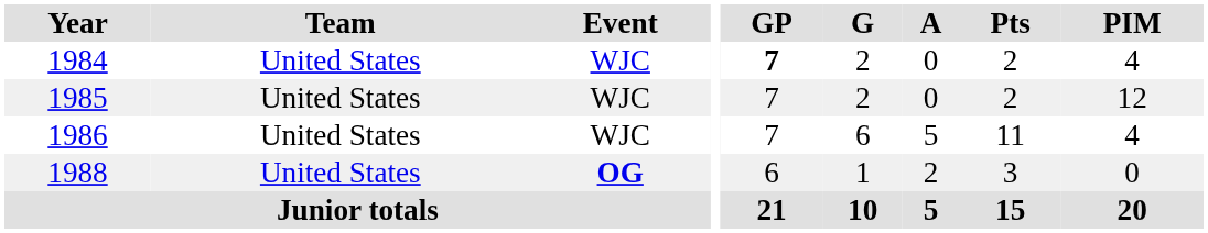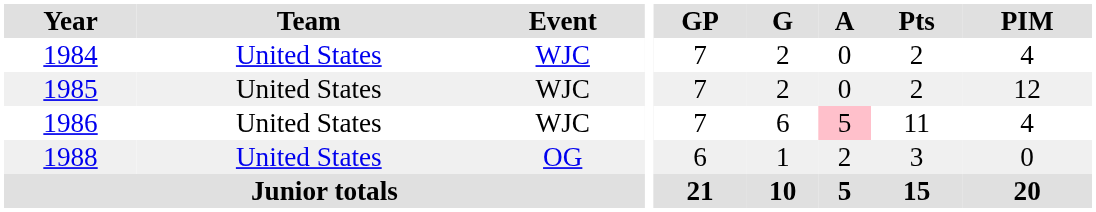 <table border="0" cellpadding="1" cellspacing="0" style="text-align:center; width:40em">
 <tr bgcolor="#e0e0e0">
 <th>Year</th>
 <th>Team</th>
 <th>Event</th>
 <th rowspan="99" bgcolor="#ffffff"></th>
 <th>GP</th>
 <th>G</th>
 <th>A</th>
 <th>Pts</th>
 <th>PIM</th>
 </tr>
 <tr>
 <td><a href='#'>1984</a></td>
 <td><a href='#'>United States</a></td>
 <td><a href='#'>WJC</a></td>
-<td><strong>7</strong></td>
+<td>7</td>
 <td>2</td>
 <td>0</td>
 <td>2</td>
 <td>4</td>
 </tr>
 <tr style="background:#f0f0f0;">
 <td><a href='#'>1985</a></td>
 <td eam>United States</td>
 <td>WJC</td>
 <td>7</td>
 <td>2</td>
 <td>0</td>
 <td>2</td>
 <td>12</td>
 </tr>
 <tr>
 <td><a href='#'>1986</a></td>
 <td>United States</td>
 <td>WJC</td>
 <td>7</td>
 <td>6</td>
-<td>5</td>
+<td style="background: pink;">5</td>
 <td>11</td>
 <td>4</td>
 </tr>
 <tr style="background:#f0f0f0;">
 <td><a href='#'>1988</a></td>
 <td><a href='#'>United States</a></td>
-<td><strong><a href='#'>OG</a></strong></td>
+<td><a href='#'>OG</a></td>
 <td>6</td>
 <td>1</td>
 <td>2</td>
 <td>3</td>
 <td>0</td>
 </tr>
 <tr bgcolor="#e0e0e0">
 <th colspan="3">Junior totals</th>
 <th>21</th>
 <th>10</th>
 <th>5</th>
 <th>15</th>
 <th>20</th>
 </tr>
 </table>
